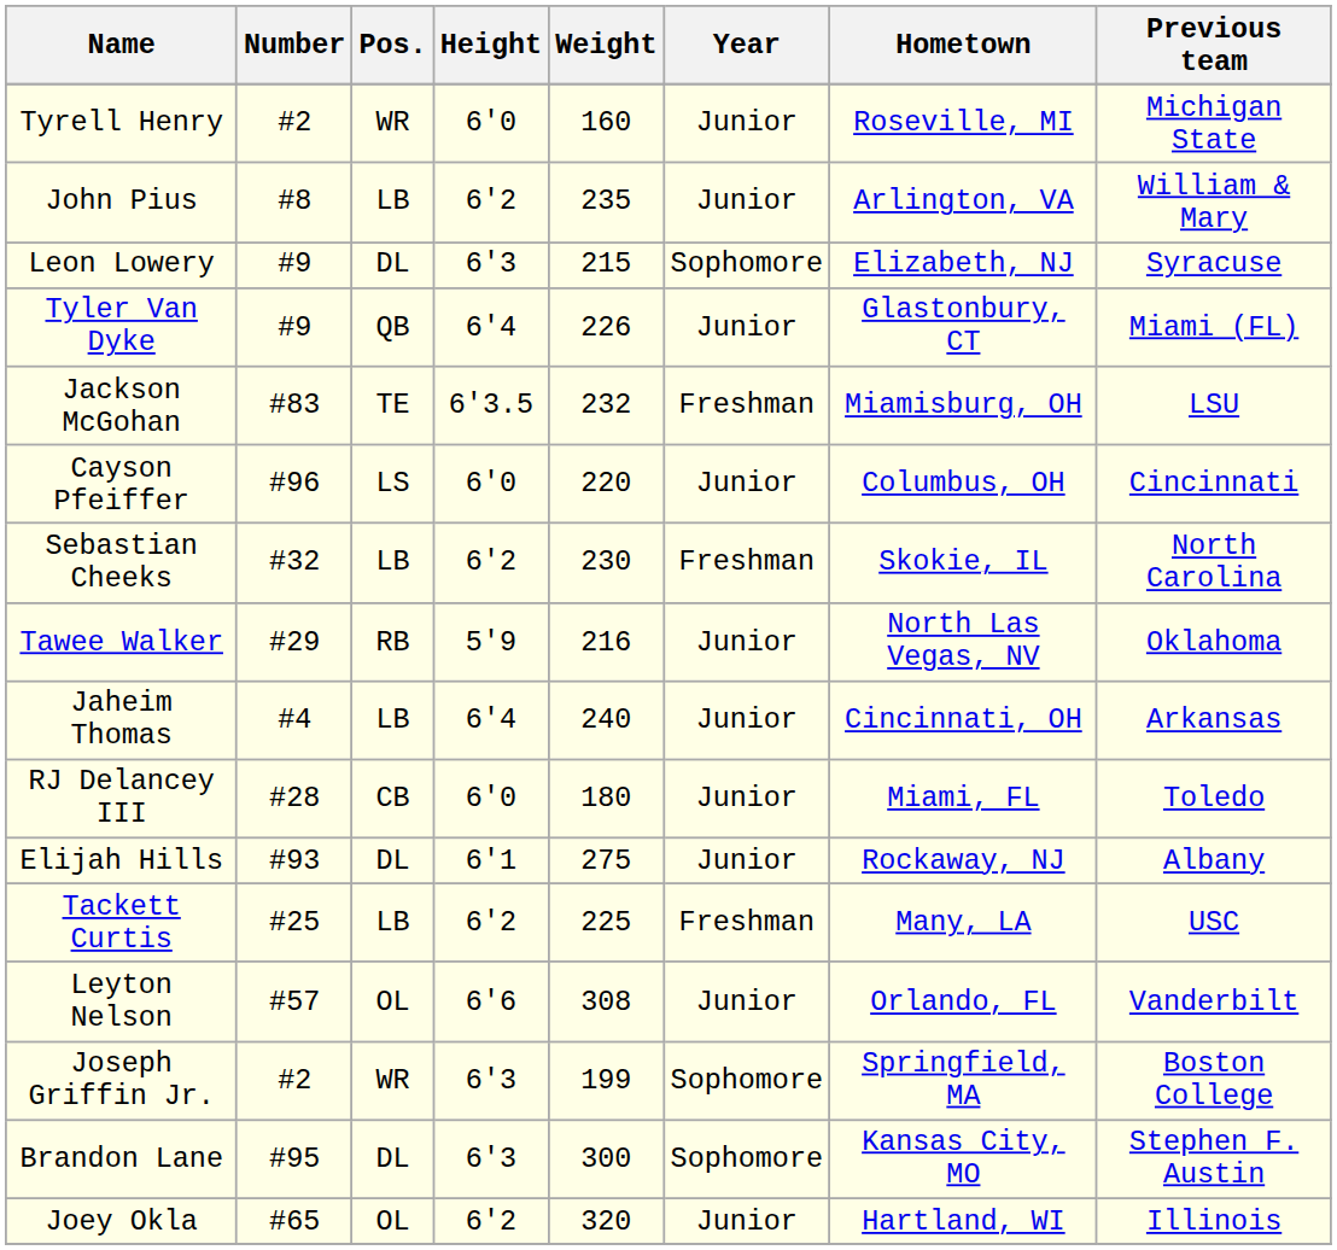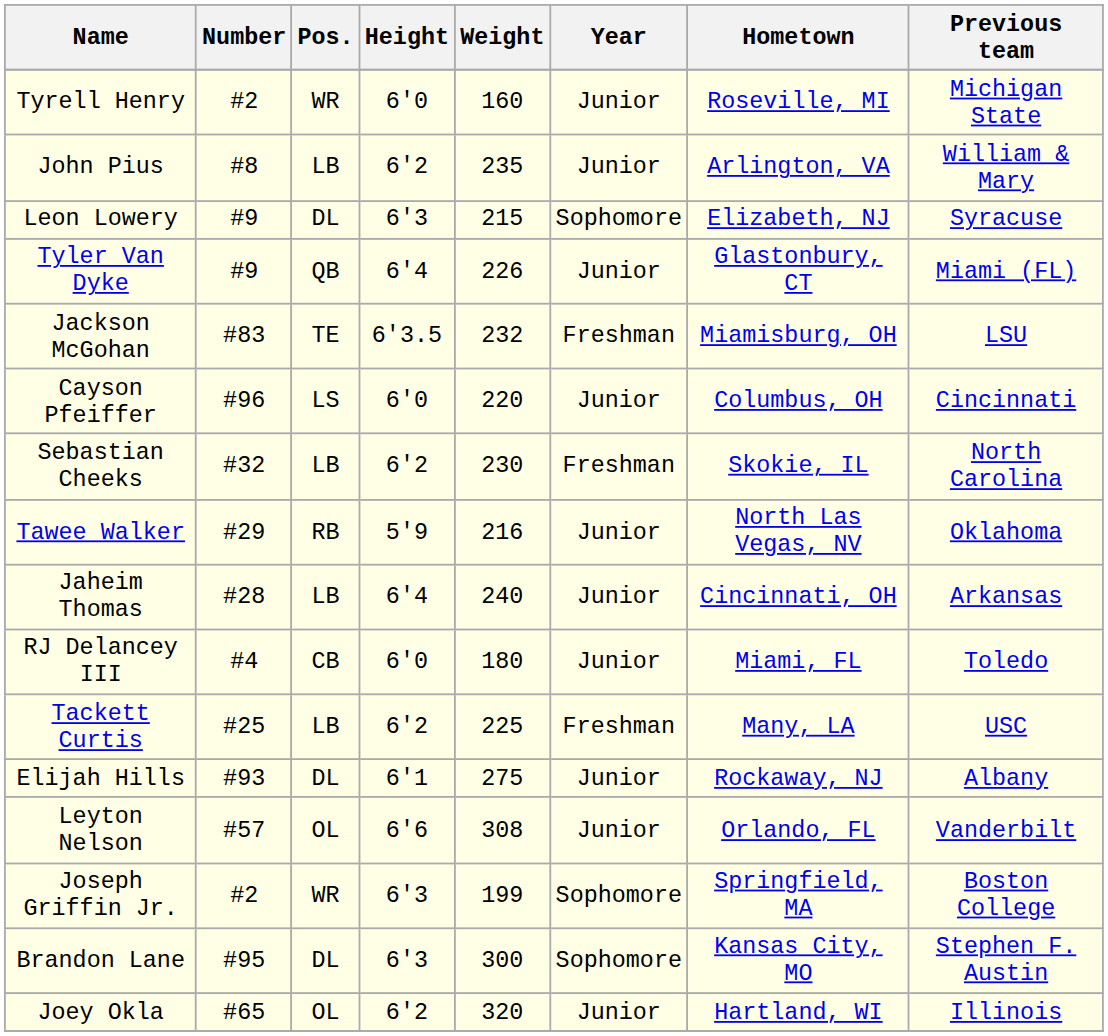 <table class="wikitable sortable sortable" style="text-align: center">
 <tr align=center>
 <th>Name</th>
 <th>Number</th>
 <th>Pos.</th>
 <th>Height</th>
 <th>Weight</th>
 <th>Year</th>
 <th>Hometown</th>
 <th>Previous team</th>
 </tr>
 <tr>
 </tr>
 <tr style="background:#FFFFE6;">
 <td>Tyrell Henry</td>
 <td>#2</td>
 <td>WR</td>
 <td>6'0</td>
 <td>160</td>
 <td>Junior</td>
 <td><a href='#'>Roseville, MI</a></td>
 <td><a href='#'>Michigan State</a></td>
 </tr>
 <tr style="background:#FFFFE6;">
 <td>John Pius</td>
 <td>#8</td>
 <td>LB</td>
 <td>6'2</td>
 <td>235</td>
 <td>Junior</td>
 <td><a href='#'>Arlington, VA</a></td>
 <td><a href='#'>William & Mary</a></td>
 </tr>
 <tr style="background:#FFFFE6;">
 <td>Leon Lowery</td>
 <td>#9</td>
 <td>DL</td>
 <td>6'3</td>
 <td>215</td>
 <td>Sophomore </td>
 <td><a href='#'>Elizabeth, NJ</a></td>
 <td><a href='#'>Syracuse</a></td>
 </tr>
 <tr style="background:#FFFFE6;">
 <td><a href='#'>Tyler Van Dyke</a></td>
 <td>#9</td>
 <td>QB</td>
 <td>6'4</td>
 <td>226</td>
 <td>Junior</td>
 <td><a href='#'>Glastonbury, CT</a></td>
 <td><a href='#'>Miami (FL)</a></td>
 </tr>
 <tr style="background:#FFFFE6;">
 <td>Jackson McGohan</td>
 <td>#83</td>
 <td>TE</td>
 <td>6'3.5</td>
 <td>232</td>
 <td>Freshman</td>
 <td><a href='#'>Miamisburg, OH</a></td>
 <td><a href='#'>LSU</a></td>
 </tr>
 <tr style="background:#FFFFE6;">
 <td>Cayson Pfeiffer</td>
 <td>#96</td>
 <td>LS</td>
 <td>6'0</td>
 <td>220</td>
 <td>Junior </td>
 <td><a href='#'>Columbus, OH</a></td>
 <td><a href='#'>Cincinnati</a></td>
 </tr>
 <tr style="background:#FFFFE6;">
 <td>Sebastian Cheeks</td>
 <td>#32</td>
 <td>LB</td>
 <td>6'2</td>
 <td>230</td>
 <td>Freshman </td>
 <td><a href='#'>Skokie, IL</a></td>
 <td><a href='#'>North Carolina</a></td>
 </tr>
 <tr style="background:#FFFFE6;">
 <td><a href='#'>Tawee Walker</a></td>
 <td>#29</td>
 <td>RB</td>
 <td>5'9</td>
 <td>216</td>
 <td>Junior</td>
 <td><a href='#'>North Las Vegas, NV</a></td>
 <td><a href='#'>Oklahoma</a></td>
 </tr>
 <tr style="background:#FFFFE6;">
 <td>Jaheim Thomas</td>
-<td>#4</td>
+<td>#28</td>
 <td>LB</td>
 <td>6'4</td>
 <td>240</td>
 <td>Junior </td>
 <td><a href='#'>Cincinnati, OH</a></td>
 <td><a href='#'>Arkansas</a></td>
 </tr>
 <tr style="background:#FFFFE6;">
 <td>RJ Delancey III</td>
-<td>#28</td>
+<td>#4</td>
 <td>CB</td>
 <td>6'0</td>
 <td>180</td>
 <td>Junior</td>
 <td><a href='#'>Miami, FL</a></td>
 <td><a href='#'>Toledo</a></td>
+</tr>
+<tr style="background:#FFFFE6;">
+<td><a href='#'>Tackett Curtis</a></td>
+<td>#25</td>
+<td>LB</td>
+<td>6'2</td>
+<td>225</td>
+<td>Freshman</td>
+<td><a href='#'>Many, LA</a></td>
+<td><a href='#'>USC</a></td>
 </tr>
 <tr style="background:#FFFFE6;">
 <td>Elijah Hills</td>
 <td>#93</td>
 <td>DL</td>
 <td>6'1</td>
 <td>275</td>
 <td>Junior</td>
 <td><a href='#'>Rockaway, NJ</a></td>
 <td><a href='#'>Albany</a></td>
-</tr>
-<tr style="background:#FFFFE6;">
-<td><a href='#'>Tackett Curtis</a></td>
-<td>#25</td>
-<td>LB</td>
-<td>6'2</td>
-<td>225</td>
-<td>Freshman</td>
-<td><a href='#'>Many, LA</a></td>
-<td><a href='#'>USC</a></td>
 </tr>
 <tr style="background:#FFFFE6;">
 <td>Leyton Nelson</td>
 <td>#57</td>
 <td>OL</td>
 <td>6'6</td>
 <td>308</td>
 <td>Junior</td>
 <td><a href='#'>Orlando, FL</a></td>
 <td><a href='#'>Vanderbilt</a></td>
 </tr>
 <tr style="background:#FFFFE6;">
 <td>Joseph Griffin Jr.</td>
 <td>#2</td>
 <td>WR</td>
 <td>6'3</td>
 <td>199</td>
 <td>Sophomore</td>
 <td><a href='#'>Springfield, MA</a></td>
 <td><a href='#'>Boston College</a></td>
 </tr>
 <tr style="background:#FFFFE6;">
 <td>Brandon Lane</td>
 <td>#95</td>
 <td>DL</td>
 <td>6'3</td>
 <td>300</td>
 <td>Sophomore </td>
 <td><a href='#'>Kansas City, MO</a></td>
 <td><a href='#'>Stephen F. Austin</a></td>
 </tr>
 <tr style="background:#FFFFE6;">
 <td>Joey Okla</td>
 <td>#65</td>
 <td>OL</td>
 <td>6'2</td>
 <td>320</td>
 <td>Junior </td>
 <td><a href='#'>Hartland, WI</a></td>
 <td><a href='#'>Illinois</a></td>
 </tr>
 <tr>
 </tr>
 </table>
